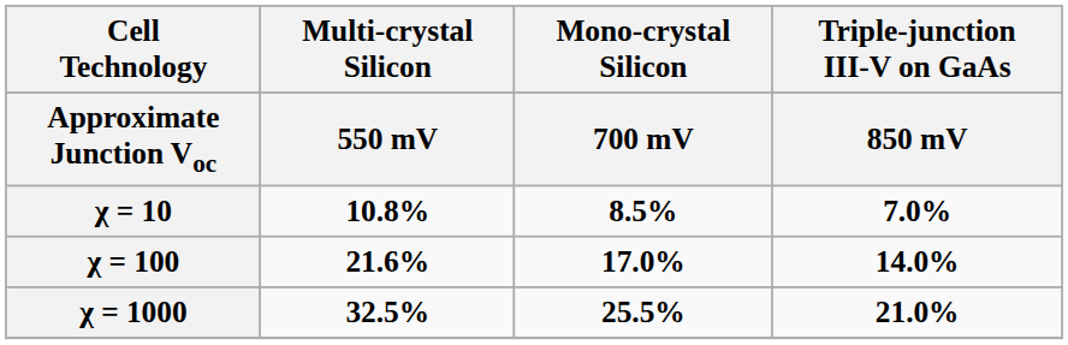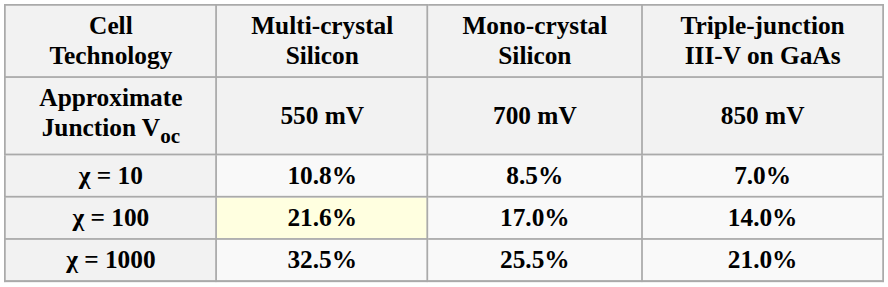 <table class=wikitable style="text-align:center; font-size:0.9em; width:500px;">
 <tr>
 <th>Cell<br>Technology</th>
 <th>Multi-crystal<br>Silicon</th>
 <th>Mono-crystal<br>Silicon</th>
 <th>Triple-junction<br>III-V on GaAs</th>
 </tr>
 <tr>
 <th>Approximate<br>Junction V<sub>oc</sub></th>
 <th>550 mV</th>
 <th>700 mV</th>
 <th>850 mV</th>
 </tr>
 <tr>
 <th>χ = 10</th>
 <td><strong>10.8%</strong></td>
 <td><strong>8.5%</strong></td>
 <td><strong>7.0%</strong></td>
 </tr>
 <tr>
 <th>χ = 100</th>
-<td><strong>21.6%</strong></td>
+<td style="background: lightyellow;"><strong>21.6%</strong></td>
 <td><strong>17.0%</strong></td>
 <td><strong>14.0%</strong></td>
 </tr>
 <tr>
 <th>χ = 1000</th>
 <td><strong>32.5%</strong></td>
 <td><strong>25.5%</strong></td>
 <td><strong>21.0%</strong></td>
 </tr>
 <tr>
 </tr>
 </table>
